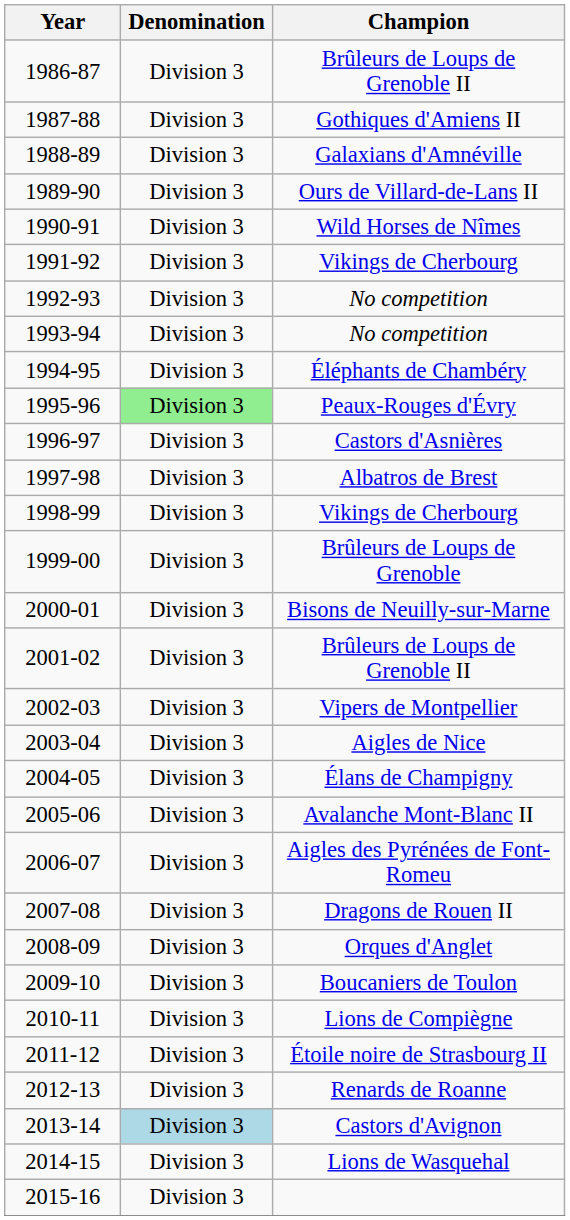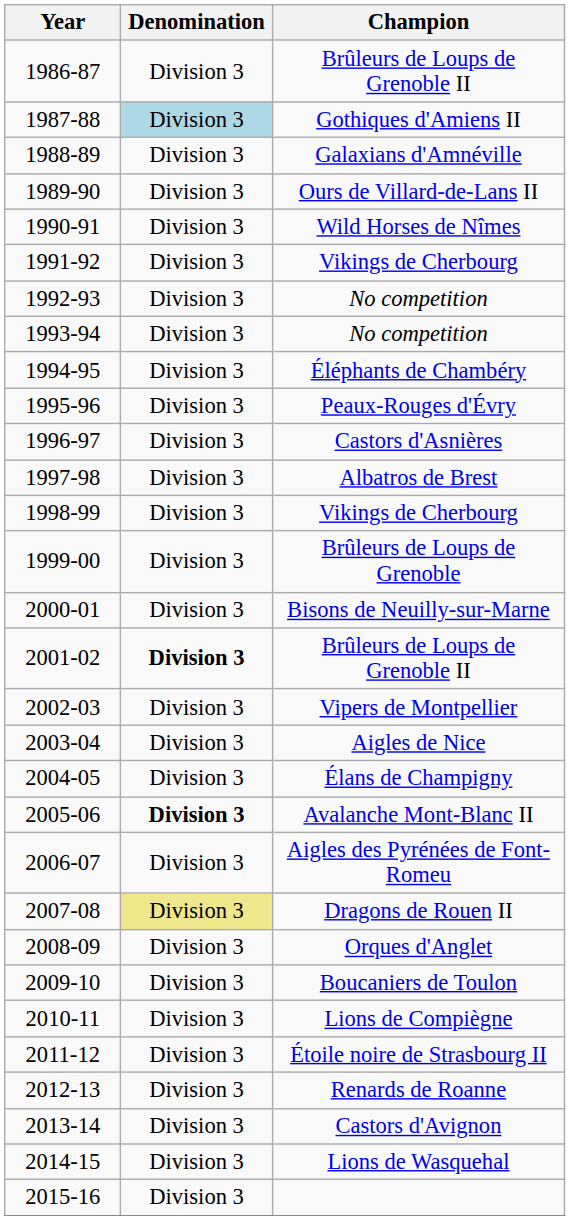 <table cellpadding="3" cellspacing="0" border="1" style="font-size: 100%; text-align: center; border: gray solid 1px; border-collapse: collapse;" class=" wikitable sortable">
 <tr valign="top">
 <th width=75>Year</th>
 <th width=100>Denomination</th>
 <th width=200>Champion</th>
 </tr>
 <tr>
 <td>1986-87</td>
 <td>Division 3</td>
 <td><a href='#'>Brûleurs de Loups de Grenoble</a> II</td>
 </tr>
 <tr>
 <td>1987-88</td>
-<td>Division 3</td>
+<td style="background: lightblue;">Division 3</td>
 <td><a href='#'>Gothiques d'Amiens</a> II</td>
 </tr>
 <tr>
 <td>1988-89</td>
 <td>Division 3</td>
 <td><a href='#'>Galaxians d'Amnéville</a></td>
 </tr>
 <tr>
 <td>1989-90</td>
 <td>Division 3</td>
 <td><a href='#'>Ours de Villard-de-Lans</a> II</td>
 </tr>
 <tr>
 <td>1990-91</td>
 <td>Division 3</td>
 <td><a href='#'>Wild Horses de Nîmes</a></td>
 </tr>
 <tr>
 <td>1991-92</td>
 <td>Division 3</td>
 <td><a href='#'>Vikings de Cherbourg</a></td>
 </tr>
 <tr>
 <td>1992-93</td>
 <td>Division 3</td>
 <td><em>No competition</em></td>
 </tr>
 <tr>
 <td>1993-94</td>
 <td>Division 3</td>
 <td><em>No competition</em></td>
 </tr>
 <tr>
 <td>1994-95</td>
 <td>Division 3</td>
 <td><a href='#'>Éléphants de Chambéry</a></td>
 </tr>
 <tr>
 <td>1995-96</td>
-<td style="background: lightgreen;">Division 3</td>
+<td>Division 3</td>
 <td><a href='#'>Peaux-Rouges d'Évry</a></td>
 </tr>
 <tr>
 <td>1996-97</td>
 <td>Division 3</td>
 <td><a href='#'>Castors d'Asnières</a></td>
 </tr>
 <tr>
 <td>1997-98</td>
 <td>Division 3</td>
 <td><a href='#'>Albatros de Brest</a></td>
 </tr>
 <tr>
 <td>1998-99</td>
 <td>Division 3</td>
 <td><a href='#'>Vikings de Cherbourg</a></td>
 </tr>
 <tr>
 <td>1999-00</td>
 <td>Division 3</td>
 <td><a href='#'>Brûleurs de Loups de Grenoble</a></td>
 </tr>
 <tr>
 <td>2000-01</td>
 <td>Division 3</td>
 <td><a href='#'>Bisons de Neuilly-sur-Marne</a></td>
 </tr>
 <tr>
 <td>2001-02</td>
-<td>Division 3</td>
+<td><strong>Division 3</strong></td>
 <td><a href='#'>Brûleurs de Loups de Grenoble</a> II</td>
 </tr>
 <tr>
 <td>2002-03</td>
 <td>Division 3</td>
 <td><a href='#'>Vipers de Montpellier</a></td>
 </tr>
 <tr>
 <td>2003-04</td>
 <td>Division 3</td>
 <td><a href='#'>Aigles de Nice</a></td>
 </tr>
 <tr>
 <td>2004-05</td>
 <td>Division 3</td>
 <td><a href='#'>Élans de Champigny</a></td>
 </tr>
 <tr>
 <td>2005-06</td>
-<td>Division 3</td>
+<td><strong>Division 3</strong></td>
 <td><a href='#'>Avalanche Mont-Blanc</a> II</td>
 </tr>
 <tr>
 <td>2006-07</td>
 <td>Division 3</td>
 <td><a href='#'>Aigles des Pyrénées de Font-Romeu</a></td>
 </tr>
 <tr>
 <td>2007-08</td>
-<td>Division 3</td>
+<td style="background: khaki;">Division 3</td>
 <td><a href='#'>Dragons de Rouen</a> II</td>
 </tr>
 <tr>
 <td>2008-09</td>
 <td>Division 3</td>
 <td><a href='#'>Orques d'Anglet</a></td>
 </tr>
 <tr>
 <td>2009-10</td>
 <td>Division 3</td>
 <td><a href='#'>Boucaniers de Toulon</a></td>
 </tr>
 <tr>
 <td>2010-11</td>
 <td>Division 3</td>
 <td><a href='#'>Lions de Compiègne</a></td>
 </tr>
 <tr>
 <td>2011-12</td>
 <td>Division 3</td>
 <td><a href='#'>Étoile noire de Strasbourg II</a></td>
 </tr>
 <tr>
 <td>2012-13</td>
 <td>Division 3</td>
 <td><a href='#'>Renards de Roanne</a></td>
 </tr>
 <tr>
 <td>2013-14</td>
-<td style="background: lightblue;">Division 3</td>
+<td>Division 3</td>
 <td><a href='#'>Castors d'Avignon</a></td>
 </tr>
 <tr>
 <td>2014-15</td>
 <td>Division 3</td>
 <td><a href='#'>Lions de Wasquehal</a></td>
 </tr>
 <tr>
 <td>2015-16</td>
 <td>Division 3</td>
 <td></td>
 </tr>
 <tr>
 </tr>
 </table>
